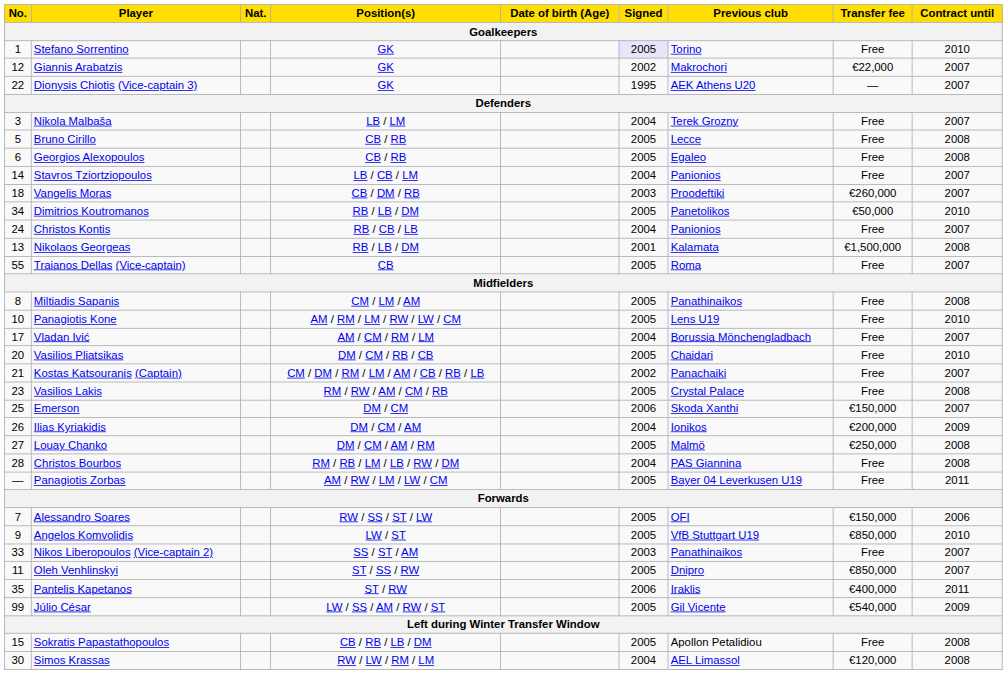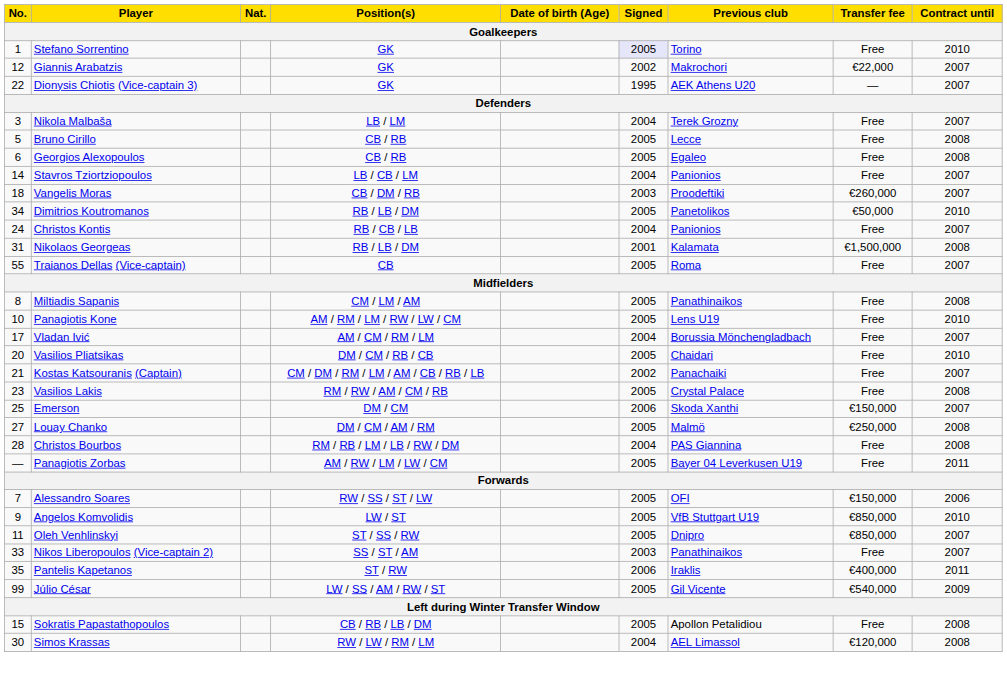 <table class="wikitable" style="text-align:center; font-size:90%; width:100%">
 <tr>
 <th style="background:#FFDE00">No.</th>
 <th style="background:#FFDE00">Player</th>
 <th style="background:#FFDE00">Nat.</th>
 <th style="background:#FFDE00">Position(s)</th>
 <th style="background:#FFDE00">Date of birth (Age)</th>
 <th style="background:#FFDE00">Signed</th>
 <th style="background:#FFDE00">Previous club</th>
 <th style="background:#FFDE00">Transfer fee</th>
 <th style="background:#FFDE00">Contract until</th>
 </tr>
 <tr>
 <th colspan="9">Goalkeepers</th>
 </tr>
 <tr>
 <td>1</td>
 <td align=left><a href='#'>Stefano Sorrentino</a></td>
 <td></td>
 <td><a href='#'>GK</a></td>
 <td></td>
 <td style="background: lavender;">2005</td>
 <td align=left> <a href='#'>Torino</a></td>
 <td>Free</td>
 <td>2010</td>
 </tr>
 <tr>
 <td>12</td>
 <td align=left><a href='#'>Giannis Arabatzis</a></td>
 <td></td>
 <td><a href='#'>GK</a></td>
 <td></td>
 <td>2002</td>
 <td align=left> <a href='#'>Makrochori</a></td>
 <td>€22,000</td>
 <td>2007</td>
 </tr>
 <tr>
 <td>22</td>
 <td align=left><a href='#'>Dionysis Chiotis</a> <a href='#'>(Vice-captain 3)</a></td>
 <td></td>
 <td><a href='#'>GK</a></td>
 <td></td>
 <td>1995</td>
 <td align=left> <a href='#'>AEK Athens U20</a></td>
 <td>—</td>
 <td>2007</td>
 </tr>
 <tr>
 <th colspan="9">Defenders</th>
 </tr>
 <tr>
 <td>3</td>
 <td align=left><a href='#'>Nikola Malbaša</a></td>
 <td></td>
 <td><a href='#'>LB</a> / <a href='#'>LM</a></td>
 <td></td>
 <td>2004</td>
 <td align=left> <a href='#'>Terek Grozny</a></td>
 <td>Free</td>
 <td>2007</td>
 </tr>
 <tr>
 <td>5</td>
 <td align=left><a href='#'>Bruno Cirillo</a></td>
 <td></td>
 <td><a href='#'>CB</a> / <a href='#'>RB</a></td>
 <td></td>
 <td>2005</td>
 <td align=left> <a href='#'>Lecce</a></td>
 <td>Free</td>
 <td>2008</td>
 </tr>
 <tr>
 <td>6</td>
 <td align=left><a href='#'>Georgios Alexopoulos</a></td>
 <td></td>
 <td><a href='#'>CB</a> / <a href='#'>RB</a></td>
 <td></td>
 <td>2005</td>
 <td align=left> <a href='#'>Egaleo</a></td>
 <td>Free</td>
 <td>2008</td>
 </tr>
 <tr>
 <td>14</td>
 <td align=left><a href='#'>Stavros Tziortziopoulos</a></td>
 <td></td>
 <td><a href='#'>LB</a> / <a href='#'>CB</a> / <a href='#'>LM</a></td>
 <td></td>
 <td>2004</td>
 <td align=left> <a href='#'>Panionios</a></td>
 <td>Free</td>
 <td>2007</td>
 </tr>
 <tr>
 <td>18</td>
 <td align=left><a href='#'>Vangelis Moras</a></td>
 <td></td>
 <td><a href='#'>CB</a> / <a href='#'>DM</a> / <a href='#'>RB</a></td>
 <td></td>
 <td>2003</td>
 <td align=left> <a href='#'>Proodeftiki</a></td>
 <td>€260,000</td>
 <td>2007</td>
 </tr>
 <tr>
 <td>34</td>
 <td align=left><a href='#'>Dimitrios Koutromanos</a></td>
 <td></td>
 <td><a href='#'>RB</a> / <a href='#'>LB</a> / <a href='#'>DM</a></td>
 <td></td>
 <td>2005</td>
 <td align=left> <a href='#'>Panetolikos</a></td>
 <td>€50,000</td>
 <td>2010</td>
 </tr>
 <tr>
 <td>24</td>
 <td align=left><a href='#'>Christos Kontis</a></td>
 <td></td>
 <td><a href='#'>RB</a> / <a href='#'>CB</a> / <a href='#'>LB</a></td>
 <td></td>
 <td>2004</td>
 <td align=left> <a href='#'>Panionios</a></td>
 <td>Free</td>
 <td>2007</td>
 </tr>
 <tr>
-<td>13</td>
+<td>31</td>
 <td align=left><a href='#'>Nikolaos Georgeas</a></td>
 <td></td>
 <td><a href='#'>RB</a> / <a href='#'>LB</a> / <a href='#'>DM</a></td>
 <td></td>
 <td>2001</td>
 <td align=left> <a href='#'>Kalamata</a></td>
 <td>€1,500,000</td>
 <td>2008</td>
 </tr>
 <tr>
 <td>55</td>
 <td align=left><a href='#'>Traianos Dellas</a> <a href='#'>(Vice-captain)</a></td>
 <td></td>
 <td><a href='#'>CB</a></td>
 <td></td>
 <td>2005</td>
 <td align=left> <a href='#'>Roma</a></td>
 <td>Free</td>
 <td>2007</td>
 </tr>
 <tr>
 <th colspan="9">Midfielders</th>
 </tr>
 <tr>
 <td>8</td>
 <td align=left><a href='#'>Miltiadis Sapanis</a></td>
 <td></td>
 <td><a href='#'>CM</a> / <a href='#'>LM</a> / <a href='#'>AM</a></td>
 <td></td>
 <td>2005</td>
 <td align=left> <a href='#'>Panathinaikos</a></td>
 <td>Free</td>
 <td>2008</td>
 </tr>
 <tr>
 <td>10</td>
 <td align=left><a href='#'>Panagiotis Kone</a></td>
 <td></td>
 <td><a href='#'>AM</a> / <a href='#'>RM</a> / <a href='#'>LM</a> / <a href='#'>RW</a> / <a href='#'>LW</a> / <a href='#'>CM</a></td>
 <td></td>
 <td>2005</td>
 <td align=left> <a href='#'>Lens U19</a></td>
 <td>Free</td>
 <td>2010</td>
 </tr>
 <tr>
 <td>17</td>
 <td align=left><a href='#'>Vladan Ivić</a></td>
 <td></td>
 <td><a href='#'>AM</a> / <a href='#'>CM</a> / <a href='#'>RM</a> / <a href='#'>LM</a></td>
 <td></td>
 <td>2004</td>
 <td align=left> <a href='#'>Borussia Mönchengladbach</a></td>
 <td>Free</td>
 <td>2007</td>
 </tr>
 <tr>
 <td>20</td>
 <td align=left><a href='#'>Vasilios Pliatsikas</a></td>
 <td></td>
 <td><a href='#'>DM</a> / <a href='#'>CM</a> / <a href='#'>RB</a> / <a href='#'>CB</a></td>
 <td></td>
 <td>2005</td>
 <td align=left> <a href='#'>Chaidari</a></td>
 <td>Free</td>
 <td>2010</td>
 </tr>
 <tr>
 <td>21</td>
 <td align=left><a href='#'>Kostas Katsouranis</a> <a href='#'>(Captain)</a></td>
 <td></td>
 <td><a href='#'>CM</a> / <a href='#'>DM</a> / <a href='#'>RM</a> / <a href='#'>LM</a> / <a href='#'>AM</a> / <a href='#'>CB</a> / <a href='#'>RB</a> / <a href='#'>LB</a></td>
 <td></td>
 <td>2002</td>
 <td align=left> <a href='#'>Panachaiki</a></td>
 <td>Free</td>
 <td>2007</td>
 </tr>
 <tr>
 <td>23</td>
 <td align=left><a href='#'>Vasilios Lakis</a></td>
 <td></td>
 <td><a href='#'>RM</a> / <a href='#'>RW</a> / <a href='#'>AM</a> / <a href='#'>CM</a> / <a href='#'>RB</a></td>
 <td></td>
 <td>2005</td>
 <td align=left> <a href='#'>Crystal Palace</a></td>
 <td>Free</td>
 <td>2008</td>
 </tr>
 <tr>
 <td>25</td>
 <td align=left><a href='#'>Emerson</a></td>
 <td></td>
 <td><a href='#'>DM</a> / <a href='#'>CM</a></td>
 <td></td>
 <td>2006</td>
 <td align=left> <a href='#'>Skoda Xanthi</a></td>
 <td>€150,000</td>
 <td>2007</td>
 </tr>
 <tr>
-<td>26</td>
-<td align=left><a href='#'>Ilias Kyriakidis</a></td>
-<td></td>
-<td><a href='#'>DM</a> / <a href='#'>CM</a> / <a href='#'>AM</a></td>
-<td></td>
-<td>2004</td>
-<td align=left> <a href='#'>Ionikos</a></td>
-<td>€200,000</td>
-<td>2009</td>
-</tr>
-<tr>
 <td>27</td>
 <td align=left><a href='#'>Louay Chanko</a></td>
 <td></td>
 <td><a href='#'>DM</a> / <a href='#'>CM</a> / <a href='#'>AM</a> / <a href='#'>RM</a></td>
 <td></td>
 <td>2005</td>
 <td align=left> <a href='#'>Malmö</a></td>
 <td>€250,000</td>
 <td>2008</td>
 </tr>
 <tr>
 <td>28</td>
 <td align=left><a href='#'>Christos Bourbos</a></td>
 <td></td>
 <td><a href='#'>RM</a> / <a href='#'>RB</a> / <a href='#'>LM</a> / <a href='#'>LB</a> / <a href='#'>RW</a> / <a href='#'>DM</a></td>
 <td></td>
 <td>2004</td>
 <td align=left> <a href='#'>PAS Giannina</a></td>
 <td>Free</td>
 <td>2008</td>
 </tr>
 <tr>
 <td>—</td>
 <td align=left><a href='#'>Panagiotis Zorbas</a></td>
 <td></td>
 <td><a href='#'>AM</a> / <a href='#'>RW</a> / <a href='#'>LM</a> / <a href='#'>LW</a> / <a href='#'>CM</a></td>
 <td></td>
 <td>2005</td>
 <td align=left> <a href='#'>Bayer 04 Leverkusen U19</a></td>
 <td>Free</td>
 <td>2011</td>
 </tr>
 <tr>
 <th colspan="9">Forwards</th>
 </tr>
 <tr>
 <td>7</td>
 <td align=left><a href='#'>Alessandro Soares</a></td>
 <td></td>
 <td><a href='#'>RW</a> / <a href='#'>SS</a> / <a href='#'>ST</a> / <a href='#'>LW</a></td>
 <td></td>
 <td>2005</td>
 <td align=left> <a href='#'>OFI</a></td>
 <td>€150,000</td>
 <td>2006</td>
 </tr>
 <tr>
 <td>9</td>
 <td align=left><a href='#'>Angelos Komvolidis</a></td>
 <td></td>
 <td><a href='#'>LW</a> / <a href='#'>ST</a></td>
 <td></td>
 <td>2005</td>
 <td align=left> <a href='#'>VfB Stuttgart U19</a></td>
 <td>€850,000</td>
 <td>2010</td>
 </tr>
 <tr>
+<td>11</td>
+<td align=left><a href='#'>Oleh Venhlinskyi</a></td>
+<td></td>
+<td><a href='#'>ST</a> / <a href='#'>SS</a> / <a href='#'>RW</a></td>
+<td></td>
+<td>2005</td>
+<td align=left> <a href='#'>Dnipro</a></td>
+<td>€850,000</td>
+<td>2007</td>
+</tr>
+<tr>
 <td>33</td>
 <td align=left><a href='#'>Nikos Liberopoulos</a> <a href='#'>(Vice-captain 2)</a></td>
 <td></td>
 <td><a href='#'>SS</a> / <a href='#'>ST</a> / <a href='#'>AM</a></td>
 <td></td>
 <td>2003</td>
 <td align=left> <a href='#'>Panathinaikos</a></td>
 <td>Free</td>
-<td>2007</td>
-</tr>
-<tr>
-<td>11</td>
-<td align=left><a href='#'>Oleh Venhlinskyi</a></td>
-<td></td>
-<td><a href='#'>ST</a> / <a href='#'>SS</a> / <a href='#'>RW</a></td>
-<td></td>
-<td>2005</td>
-<td align=left> <a href='#'>Dnipro</a></td>
-<td>€850,000</td>
 <td>2007</td>
 </tr>
 <tr>
 <td>35</td>
 <td align=left><a href='#'>Pantelis Kapetanos</a></td>
 <td></td>
 <td><a href='#'>ST</a> / <a href='#'>RW</a></td>
 <td></td>
 <td>2006</td>
 <td align=left> <a href='#'>Iraklis</a></td>
 <td>€400,000</td>
 <td>2011</td>
 </tr>
 <tr>
 <td>99</td>
 <td align=left><a href='#'>Júlio César</a></td>
 <td></td>
 <td><a href='#'>LW</a> / <a href='#'>SS</a> / <a href='#'>AM</a> / <a href='#'>RW</a> / <a href='#'>ST</a></td>
 <td></td>
 <td>2005</td>
 <td align=left> <a href='#'>Gil Vicente</a></td>
 <td>€540,000</td>
 <td>2009</td>
 </tr>
 <tr>
 <th colspan="9">Left during Winter Transfer Window</th>
 </tr>
 <tr>
 <td>15</td>
 <td align=left><a href='#'>Sokratis Papastathopoulos</a></td>
 <td></td>
 <td><a href='#'>CB</a> / <a href='#'>RB</a> / <a href='#'>LB</a> / <a href='#'>DM</a></td>
 <td></td>
 <td>2005</td>
 <td align=left> Apollon Petalidiou</td>
 <td>Free</td>
 <td>2008</td>
 </tr>
 <tr>
 <td>30</td>
 <td align=left><a href='#'>Simos Krassas</a></td>
 <td></td>
 <td><a href='#'>RW</a> / <a href='#'>LW</a> / <a href='#'>RM</a> / <a href='#'>LM</a></td>
 <td></td>
 <td>2004</td>
 <td align=left> <a href='#'>AEL Limassol</a></td>
 <td>€120,000</td>
 <td>2008</td>
 </tr>
 </table>
